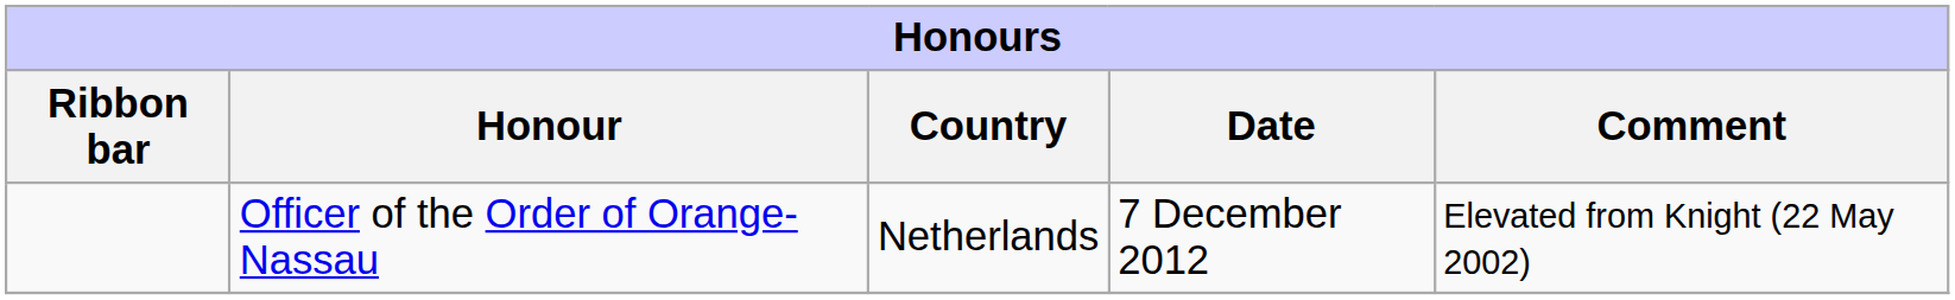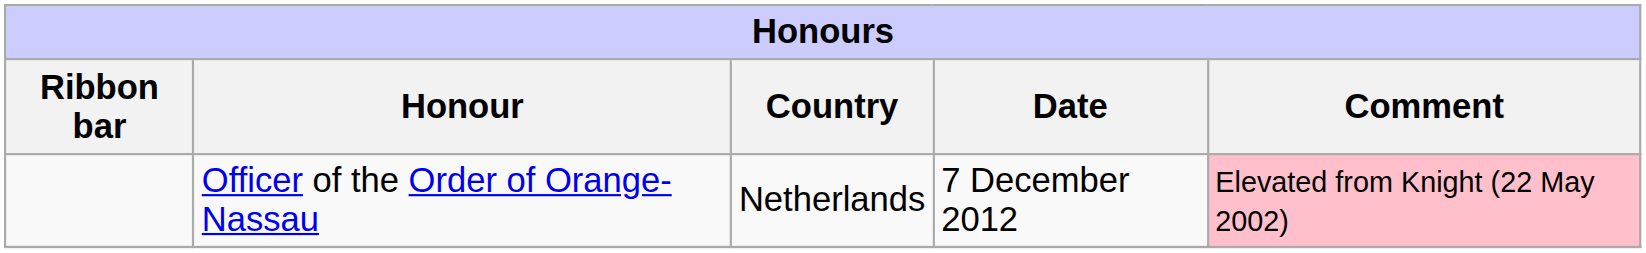 <table class="wikitable" style="width:60%;">
 <tr style="background:#ccf; text-align:center;">
 <td colspan=5><strong>Honours</strong></td>
 </tr>
 <tr>
 <th style="width:80px;">Ribbon bar</th>
 <th>Honour</th>
 <th>Country</th>
 <th>Date</th>
 <th>Comment</th>
 </tr>
 <tr>
 <td></td>
 <td><a href='#'>Officer</a> of the <a href='#'>Order of Orange-Nassau</a></td>
 <td>Netherlands</td>
 <td>7 December 2012</td>
-<td><small>Elevated from Knight (22 May 2002)</small></td>
+<td style="background: pink;"><small>Elevated from Knight (22 May 2002)</small></td>
 </tr>
 <tr>
 </tr>
 </table>
